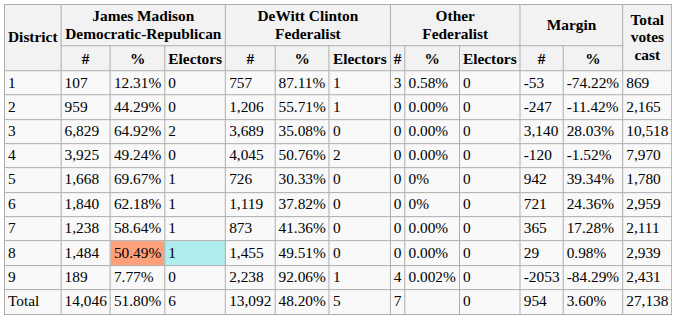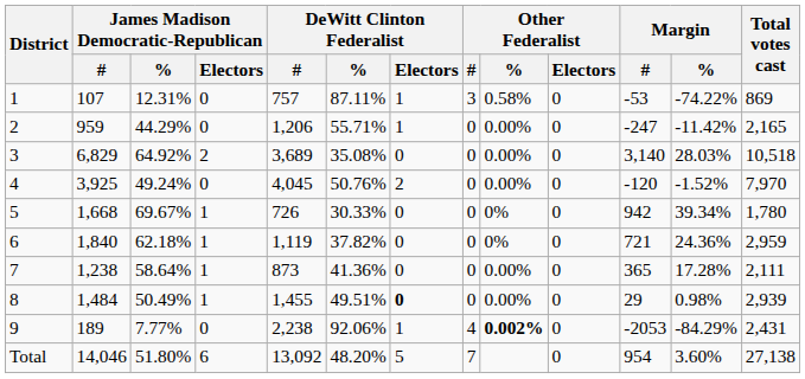 <table class="wikitable sortable">
 <tr>
 <th rowspan="2">District</th>
 <th colspan="3" >James Madison<br>Democratic-Republican</th>
 <th colspan="3" >DeWitt Clinton<br>Federalist</th>
 <th colspan="3" >Other<br>Federalist</th>
 <th colspan="2">Margin</th>
 <th rowspan="2">Total<br>votes<br>cast</th>
 </tr>
 <tr>
 <th>#</th>
 <th>%</th>
 <th>Electors</th>
 <th>#</th>
 <th>%</th>
 <th>Electors</th>
 <th>#</th>
 <th>%</th>
 <th>Electors</th>
 <th>#</th>
 <th>%</th>
 </tr>
 <tr>
 <td>1</td>
 <td>107</td>
 <td>12.31%</td>
 <td>0</td>
 <td>757</td>
 <td>87.11%</td>
 <td>1</td>
 <td>3</td>
 <td>0.58%</td>
 <td>0</td>
 <td>-53</td>
 <td>-74.22%</td>
 <td>869</td>
 </tr>
 <tr>
 <td>2</td>
 <td>959</td>
 <td>44.29%</td>
 <td>0</td>
 <td>1,206</td>
 <td>55.71%</td>
 <td>1</td>
 <td>0</td>
 <td>0.00%</td>
 <td>0</td>
 <td>-247</td>
 <td>-11.42%</td>
 <td>2,165</td>
 </tr>
 <tr>
 <td>3</td>
 <td>6,829</td>
 <td>64.92%</td>
 <td>2</td>
 <td>3,689</td>
 <td>35.08%</td>
 <td>0</td>
 <td>0</td>
 <td>0.00%</td>
 <td>0</td>
 <td>3,140</td>
 <td>28.03%</td>
 <td>10,518</td>
 </tr>
 <tr>
 <td>4</td>
 <td>3,925</td>
 <td>49.24%</td>
 <td>0</td>
 <td>4,045</td>
 <td>50.76%</td>
 <td>2</td>
 <td>0</td>
 <td>0.00%</td>
 <td>0</td>
 <td>-120</td>
 <td>-1.52%</td>
 <td>7,970</td>
 </tr>
 <tr>
 <td>5</td>
 <td>1,668</td>
 <td>69.67%</td>
 <td>1</td>
 <td>726</td>
 <td>30.33%</td>
 <td>0</td>
 <td>0</td>
 <td>0%</td>
 <td>0</td>
 <td>942</td>
 <td>39.34%</td>
 <td>1,780</td>
 </tr>
 <tr>
 <td>6</td>
 <td>1,840</td>
 <td>62.18%</td>
 <td>1</td>
 <td>1,119</td>
 <td>37.82%</td>
 <td>0</td>
 <td>0</td>
 <td>0%</td>
 <td>0</td>
 <td>721</td>
 <td>24.36%</td>
 <td>2,959</td>
 </tr>
 <tr>
 <td>7</td>
 <td>1,238</td>
 <td>58.64%</td>
 <td>1</td>
 <td>873</td>
 <td>41.36%</td>
 <td>0</td>
 <td>0</td>
 <td>0.00%</td>
 <td>0</td>
 <td>365</td>
 <td>17.28%</td>
 <td>2,111</td>
 </tr>
 <tr>
 <td>8</td>
 <td>1,484</td>
-<td style="background: lightsalmon;">50.49%</td>
-<td style="background: paleturquoise;">1</td>
+<td>50.49%</td>
+<td>1</td>
 <td>1,455</td>
 <td>49.51%</td>
-<td>0</td>
+<td><strong>0</strong></td>
 <td>0</td>
 <td>0.00%</td>
 <td>0</td>
 <td>29</td>
 <td>0.98%</td>
 <td>2,939</td>
 </tr>
 <tr>
 <td>9</td>
 <td>189</td>
 <td>7.77%</td>
 <td>0</td>
 <td>2,238</td>
 <td>92.06%</td>
 <td>1</td>
 <td>4</td>
-<td>0.002%</td>
+<td><strong>0.002%</strong></td>
 <td>0</td>
 <td>-2053</td>
 <td>-84.29%</td>
 <td>2,431</td>
 </tr>
 <tr>
 <td>Total</td>
 <td>14,046</td>
 <td>51.80%</td>
 <td>6</td>
 <td>13,092</td>
 <td>48.20%</td>
 <td>5</td>
 <td>7</td>
 <td></td>
 <td>0</td>
 <td>954</td>
 <td>3.60%</td>
 <td>27,138</td>
 </tr>
 </table>
